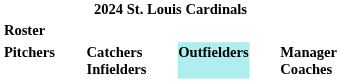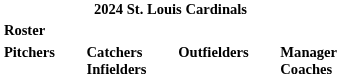 <table class="toccolours" style="font-size: 95%;">
 <tr>
 <th colspan="10">2024 St. Louis Cardinals</th>
 </tr>
 <tr>
 <td colspan="10"><strong>Roster</strong></td>
 </tr>
 <tr>
 <td valign="top"><strong>Pitchers</strong><br>                       </td>
 <td style="width:25px;"></td>
 <td valign="top"><strong>Catchers</strong><br>   <strong>Infielders</strong>         </td>
 <td style="width:25px;"></td>
-<td valign="top" style="background: paleturquoise;"><strong>Outfielders</strong><br>       </td>
+<td valign="top"><strong>Outfielders</strong><br>       </td>
 <td style="width:25px;"></td>
 <td valign="top"><strong>Manager</strong><br> <strong>Coaches</strong>                            </td>
 </tr>
 </table>
